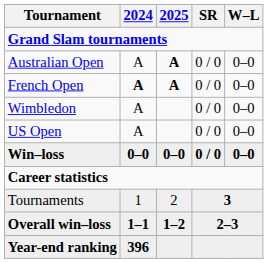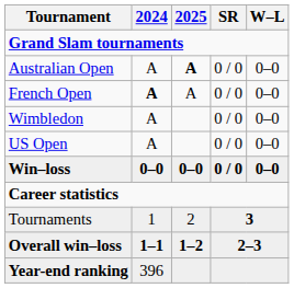 <table class=wikitable style=text-align:center>
 <tr>
 <th>Tournament</th>
 <th><a href='#'>2024</a></th>
 <th><a href='#'>2025</a></th>
 <th>SR</th>
 <th>W–L</th>
 </tr>
 <tr>
 <td colspan="5" align="left"><strong><a href='#'>Grand Slam tournaments</a></strong></td>
 </tr>
 <tr>
 <td align=left><a href='#'>Australian Open</a></td>
 <td>A</td>
 <td><strong>A</strong></td>
 <td>0 / 0</td>
 <td>0–0</td>
 </tr>
 <tr>
 <td align=left><a href='#'>French Open</a></td>
 <td><strong>A</strong></td>
-<td><strong>A</strong></td>
+<td>A</td>
 <td>0 / 0</td>
 <td>0–0</td>
 </tr>
 <tr>
 <td align=left><a href='#'>Wimbledon</a></td>
 <td>A</td>
 <td></td>
 <td>0 / 0</td>
 <td>0–0</td>
 </tr>
 <tr>
 <td align=left><a href='#'>US Open</a></td>
 <td>A</td>
 <td></td>
 <td>0 / 0</td>
 <td>0–0</td>
 </tr>
 <tr style="font-weight:bold; background:#efefef;">
 <td style=text-align:left>Win–loss</td>
 <td>0–0</td>
 <td>0–0</td>
 <td>0 / 0</td>
 <td>0–0</td>
 </tr>
 <tr>
 <td colspan="5" align="left"><strong>Career statistics</strong></td>
 </tr>
 <tr bgcolor=efefef>
 <td align=left>Tournaments</td>
 <td>1</td>
 <td>2</td>
 <td colspan="2"><strong>3</strong></td>
 </tr>
 <tr style="font-weight:bold; background:#efefef;">
 <td style=text-align:left>Overall win–loss</td>
 <td>1–1</td>
 <td>1–2</td>
 <td colspan="2">2–3</td>
 </tr>
 <tr bgcolor=efefef>
 <td align=left><strong>Year-end ranking</strong></td>
-<td><strong>396</strong></td>
+<td>396</td>
 <td></td>
 <td colspan="2"></td>
 </tr>
 </table>
